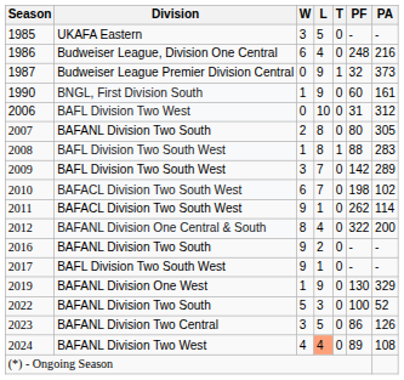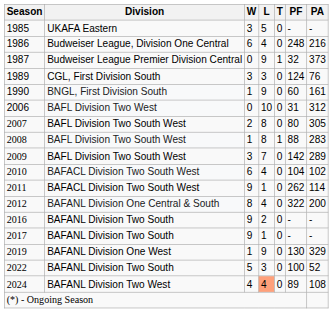 <table class="wikitable">
 <tr style="font-weight:bold; font-family:Arial, Helvetica, sans-serif !important;">
 <th>Season</th>
 <th>Division</th>
 <th>W</th>
 <th>L</th>
 <th>T</th>
 <th>PF</th>
 <th>PA</th>
 </tr>
 <tr style="font-family:Arial, Helvetica, sans-serif !important;">
 <td>1985</td>
 <td>UKAFA Eastern</td>
 <td>3</td>
 <td>5</td>
 <td>0</td>
 <td>-</td>
 <td>-</td>
 </tr>
 <tr style="font-family:Arial, Helvetica, sans-serif !important;">
 <td>1986</td>
 <td>Budweiser League, Division One Central</td>
 <td>6</td>
 <td>4</td>
 <td>0</td>
 <td>248</td>
 <td>216</td>
 </tr>
 <tr style="font-family:Arial, Helvetica, sans-serif !important;">
 <td>1987</td>
 <td>Budweiser League Premier Division Central</td>
 <td>0</td>
 <td>9</td>
 <td>1</td>
 <td>32</td>
 <td>373</td>
 </tr>
 <tr style="font-family:Arial, Helvetica, sans-serif !important;">
+<td>1989</td>
+<td>CGL, First Division South</td>
+<td>3</td>
+<td>3</td>
+<td>0</td>
+<td>124</td>
+<td>76</td>
+</tr>
+<tr style="font-family:Arial, Helvetica, sans-serif !important;">
 <td>1990</td>
 <td style="background-color:#F8F9FA; color:#202122;">BNGL, First Division South</td>
 <td>1</td>
 <td>9</td>
 <td>0</td>
 <td>60</td>
 <td>161</td>
 </tr>
 <tr style="font-family:Arial, Helvetica, sans-serif !important;">
 <td>2006</td>
 <td style="background-color:#F8F9FA; color:#202122;">BAFL Division Two West</td>
 <td>0</td>
 <td>10</td>
 <td>0</td>
 <td>31</td>
 <td>312</td>
 </tr>
 <tr>
 <td>2007</td>
-<td style="font-family:Arial, Helvetica, sans-serif !important;">BAFANL Division Two South</td>
+<td style="font-family:Arial, Helvetica, sans-serif !important;">BAFL Division Two South West</td>
 <td style="font-family:Arial, Helvetica, sans-serif !important;">2</td>
 <td style="font-family:Arial, Helvetica, sans-serif !important;">8</td>
 <td style="font-family:Arial, Helvetica, sans-serif !important;">0</td>
 <td style="font-family:Arial, Helvetica, sans-serif !important;">80</td>
 <td style="font-family:Arial, Helvetica, sans-serif !important;">305</td>
 </tr>
 <tr>
 <td>2008</td>
 <td style="font-family:Arial, Helvetica, sans-serif !important; background-color:#F8F9FA; color:#202122;">BAFL Division Two South West</td>
 <td style="font-family:Arial, Helvetica, sans-serif !important;">1</td>
 <td style="font-family:Arial, Helvetica, sans-serif !important;">8</td>
 <td style="font-family:Arial, Helvetica, sans-serif !important;">1</td>
 <td style="font-family:Arial, Helvetica, sans-serif !important;">88</td>
 <td style="font-family:Arial, Helvetica, sans-serif !important;">283</td>
 </tr>
 <tr>
 <td>2009</td>
 <td style="font-family:Arial, Helvetica, sans-serif !important;">BAFL Division Two South West</td>
 <td style="font-family:Arial, Helvetica, sans-serif !important;">3</td>
 <td style="font-family:Arial, Helvetica, sans-serif !important;">7</td>
 <td style="font-family:Arial, Helvetica, sans-serif !important;">0</td>
 <td style="font-family:Arial, Helvetica, sans-serif !important;">142</td>
 <td style="font-family:Arial, Helvetica, sans-serif !important;">289</td>
 </tr>
 <tr>
 <td>2010</td>
 <td style="font-family:Arial, Helvetica, sans-serif !important; background-color:#F8F9FA; color:#202122;">BAFACL Division Two South West</td>
 <td style="font-family:Arial, Helvetica, sans-serif !important;">6</td>
-<td style="font-family:Arial, Helvetica, sans-serif !important;">7</td>
+<td style="font-family:Arial, Helvetica, sans-serif !important;">4</td>
 <td style="font-family:Arial, Helvetica, sans-serif !important;">0</td>
-<td style="font-family:Arial, Helvetica, sans-serif !important;">198</td>
+<td style="font-family:Arial, Helvetica, sans-serif !important;">104</td>
 <td style="font-family:Arial, Helvetica, sans-serif !important;">102</td>
 </tr>
 <tr>
 <td>2011</td>
 <td style="font-family:Arial, Helvetica, sans-serif !important;">BAFACL Division Two South West</td>
 <td style="font-family:Arial, Helvetica, sans-serif !important;">9</td>
 <td style="font-family:Arial, Helvetica, sans-serif !important;">1</td>
 <td style="font-family:Arial, Helvetica, sans-serif !important;">0</td>
 <td style="font-family:Arial, Helvetica, sans-serif !important;">262</td>
 <td style="font-family:Arial, Helvetica, sans-serif !important;">114</td>
 </tr>
 <tr>
 <td>2012</td>
 <td style="font-family:Arial, Helvetica, sans-serif !important; background-color:#F8F9FA; color:#202122;">BAFANL Division One Central & South</td>
 <td style="font-family:Arial, Helvetica, sans-serif !important;">8</td>
 <td style="font-family:Arial, Helvetica, sans-serif !important;">4</td>
 <td style="font-family:Arial, Helvetica, sans-serif !important;">0</td>
 <td style="font-family:Arial, Helvetica, sans-serif !important;">322</td>
 <td style="font-family:Arial, Helvetica, sans-serif !important;">200</td>
 </tr>
 <tr>
 <td>2016</td>
 <td style="font-family:Arial, Helvetica, sans-serif !important;">BAFANL Division Two South</td>
 <td style="font-family:Arial, Helvetica, sans-serif !important;">9</td>
 <td style="font-family:Arial, Helvetica, sans-serif !important;">2</td>
 <td style="font-family:Arial, Helvetica, sans-serif !important;">0</td>
 <td style="font-family:Arial, Helvetica, sans-serif !important;">-</td>
 <td style="font-family:Arial, Helvetica, sans-serif !important;">-</td>
 </tr>
 <tr>
 <td>2017</td>
-<td style="font-family:Arial, Helvetica, sans-serif !important;">BAFL Division Two South West</td>
+<td style="font-family:Arial, Helvetica, sans-serif !important;">BAFANL Division Two South</td>
 <td style="font-family:Arial, Helvetica, sans-serif !important;">9</td>
 <td style="font-family:Arial, Helvetica, sans-serif !important;">1</td>
 <td style="font-family:Arial, Helvetica, sans-serif !important;">0</td>
 <td style="font-family:Arial, Helvetica, sans-serif !important;">-</td>
 <td style="font-family:Arial, Helvetica, sans-serif !important;">-</td>
 </tr>
 <tr>
 <td>2019</td>
 <td style="font-family:Arial, Helvetica, sans-serif !important;">BAFANL Division One West</td>
 <td style="font-family:Arial, Helvetica, sans-serif !important;">1</td>
 <td style="font-family:Arial, Helvetica, sans-serif !important;">9</td>
 <td style="font-family:Arial, Helvetica, sans-serif !important;">0</td>
 <td style="font-family:Arial, Helvetica, sans-serif !important;">130</td>
 <td style="font-family:Arial, Helvetica, sans-serif !important;">329</td>
 </tr>
 <tr>
 <td>2022</td>
 <td style="font-family:Arial, Helvetica, sans-serif !important;">BAFANL Division Two South</td>
 <td style="font-family:Arial, Helvetica, sans-serif !important;">5</td>
 <td style="font-family:Arial, Helvetica, sans-serif !important;">3</td>
 <td style="font-family:Arial, Helvetica, sans-serif !important;">0</td>
 <td style="font-family:Arial, Helvetica, sans-serif !important;">100</td>
 <td style="font-family:Arial, Helvetica, sans-serif !important;">52</td>
 </tr>
 <tr>
-<td>2023</td>
-<td style="font-family:Arial, Helvetica, sans-serif !important;">BAFANL Division Two Central</td>
-<td style="font-family:Arial, Helvetica, sans-serif !important;">3</td>
-<td style="font-family:Arial, Helvetica, sans-serif !important;">5</td>
-<td style="font-family:Arial, Helvetica, sans-serif !important;">0</td>
-<td style="font-family:Arial, Helvetica, sans-serif !important;">86</td>
-<td style="font-family:Arial, Helvetica, sans-serif !important;">126</td>
-</tr>
-<tr>
 <td>2024</td>
 <td style="font-family:Arial, Helvetica, sans-serif !important;">BAFANL Division Two West</td>
 <td style="font-family:Arial, Helvetica, sans-serif !important;">4</td>
 <td style="background: lightsalmon; font-family:Arial, Helvetica, sans-serif !important;">4</td>
 <td style="font-family:Arial, Helvetica, sans-serif !important;">0</td>
 <td style="font-family:Arial, Helvetica, sans-serif !important;">89</td>
 <td style="font-family:Arial, Helvetica, sans-serif !important;">108</td>
 </tr>
 <tr>
 <td colspan="6">(*) - Ongoing Season</td>
 </tr>
 </table>
